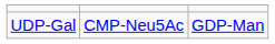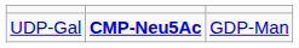 <table class="wikitable" border="1" style="text-align:center; margin:1em auto 1em auto;">
 <tr>
 <td></td>
 <td></td>
 <td></td>
 </tr>
 <tr>
 <td><a href='#'>UDP-Gal</a></td>
-<td><a href='#'>CMP-Neu5Ac</a></td>
+<td><strong><a href='#'>CMP-Neu5Ac</a></strong></td>
 <td><a href='#'>GDP-Man</a></td>
 </tr>
 </table>
